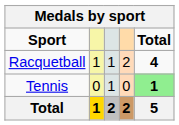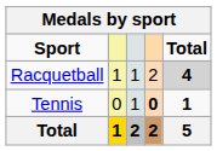 <table class=wikitable style="font-size:85%; float:right;text-align:center">
 <tr bgcolor=EFEFEF>
 <th colspan=7><strong>Medals by sport</strong></th>
 </tr>
 <tr>
 <td><strong>Sport</strong></td>
 <td bgcolor=F7F6A8></td>
 <td bgcolor=DCE5E5></td>
 <td bgcolor=FFDBA9></td>
 <td><strong>Total</strong></td>
 </tr>
 <tr>
 <td><a href='#'>Racquetball</a></td>
 <td bgcolor=F7F6A8>1</td>
 <td bgcolor=DCE5E5>1</td>
 <td bgcolor=FFDAB9>2</td>
-<td><strong>4</strong></td>
+<td style="background: lightgrey;"><strong>4</strong></td>
 </tr>
 <tr>
 <td><a href='#'>Tennis</a></td>
 <td bgcolor=F7F6A8>0</td>
 <td bgcolor=DCE5E5>1</td>
-<td bgcolor=FFDAB9>0</td>
-<td style="background: lightgreen;"><strong>1</strong></td>
+<td bgcolor=FFDAB9><strong>0</strong></td>
+<td><strong>1</strong></td>
 </tr>
 <tr>
 <th><strong>Total</strong></th>
 <th style=background:gold><strong>1</strong></th>
 <th style=background:silver><strong>2</strong></th>
 <th style=background:#C96><strong>2</strong></th>
 <th><strong>5</strong></th>
 </tr>
 </table>
